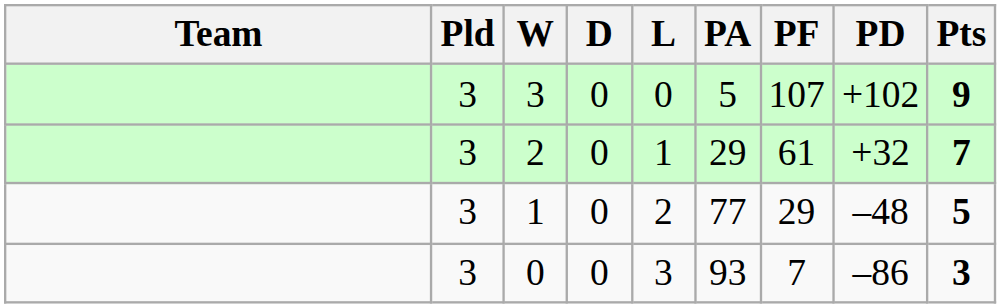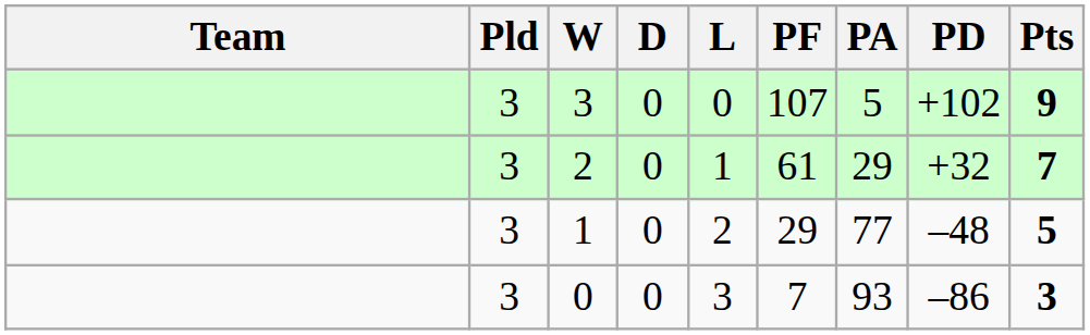 <table class="wikitable" style="text-align:center;">
 <tr>
 <th width=175>Team</th>
 <th width=20 abbr="Played">Pld</th>
 <th width=20 abbr="Won">W</th>
 <th width=20 abbr="Drawn">D</th>
 <th width=20 abbr="Lost">L</th>
+<th width=20 abbr="Points for">PF</th>
 <th width=20 abbr="Points against">PA</th>
-<th width=20 abbr="Points for">PF</th>
 <th width=25 abbr="Points difference">PD</th>
 <th width=20 abbr="Points">Pts</th>
 </tr>
 <tr bgcolor=ccffcc>
 <td style="text-align:left;"></td>
 <td>3</td>
 <td>3</td>
 <td>0</td>
 <td>0</td>
+<td>107</td>
 <td>5</td>
-<td>107</td>
 <td>+102</td>
 <td><strong>9</strong></td>
 </tr>
 <tr bgcolor=ccffcc>
 <td style="text-align:left;"></td>
 <td>3</td>
 <td>2</td>
 <td>0</td>
 <td>1</td>
+<td>61</td>
 <td>29</td>
-<td>61</td>
 <td>+32</td>
 <td><strong>7</strong></td>
 </tr>
 <tr>
 <td style="text-align:left;"></td>
 <td>3</td>
 <td>1</td>
 <td>0</td>
 <td>2</td>
+<td>29</td>
 <td>77</td>
-<td>29</td>
 <td>–48</td>
 <td><strong>5</strong></td>
 </tr>
 <tr>
 <td style="text-align:left;"></td>
 <td>3</td>
 <td>0</td>
 <td>0</td>
 <td>3</td>
+<td>7</td>
 <td>93</td>
-<td>7</td>
 <td>–86</td>
 <td><strong>3</strong></td>
 </tr>
 </table>
